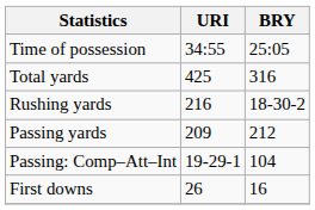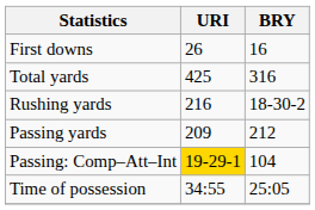 <table class="wikitable" style="float: left;">
 <tr>
 <th>Statistics</th>
 <th>URI</th>
 <th>BRY</th>
 </tr>
 <tr>
-<td>Time of possession</td>
-<td>34:55</td>
-<td>25:05</td>
+<td>First downs</td>
+<td>26</td>
+<td>16</td>
 </tr>
 <tr>
 <td>Total yards</td>
 <td>425</td>
 <td>316</td>
 </tr>
 <tr>
 <td>Rushing yards</td>
 <td>216</td>
 <td>18-30-2</td>
 </tr>
 <tr>
 <td>Passing yards</td>
 <td>209</td>
 <td>212</td>
 </tr>
 <tr>
 <td>Passing: Comp–Att–Int</td>
-<td>19-29-1</td>
+<td style="background: gold;">19-29-1</td>
 <td>104</td>
 </tr>
 <tr>
-<td>First downs</td>
-<td>26</td>
-<td>16</td>
+<td>Time of possession</td>
+<td>34:55</td>
+<td>25:05</td>
 </tr>
 <tr>
 </tr>
 </table>
